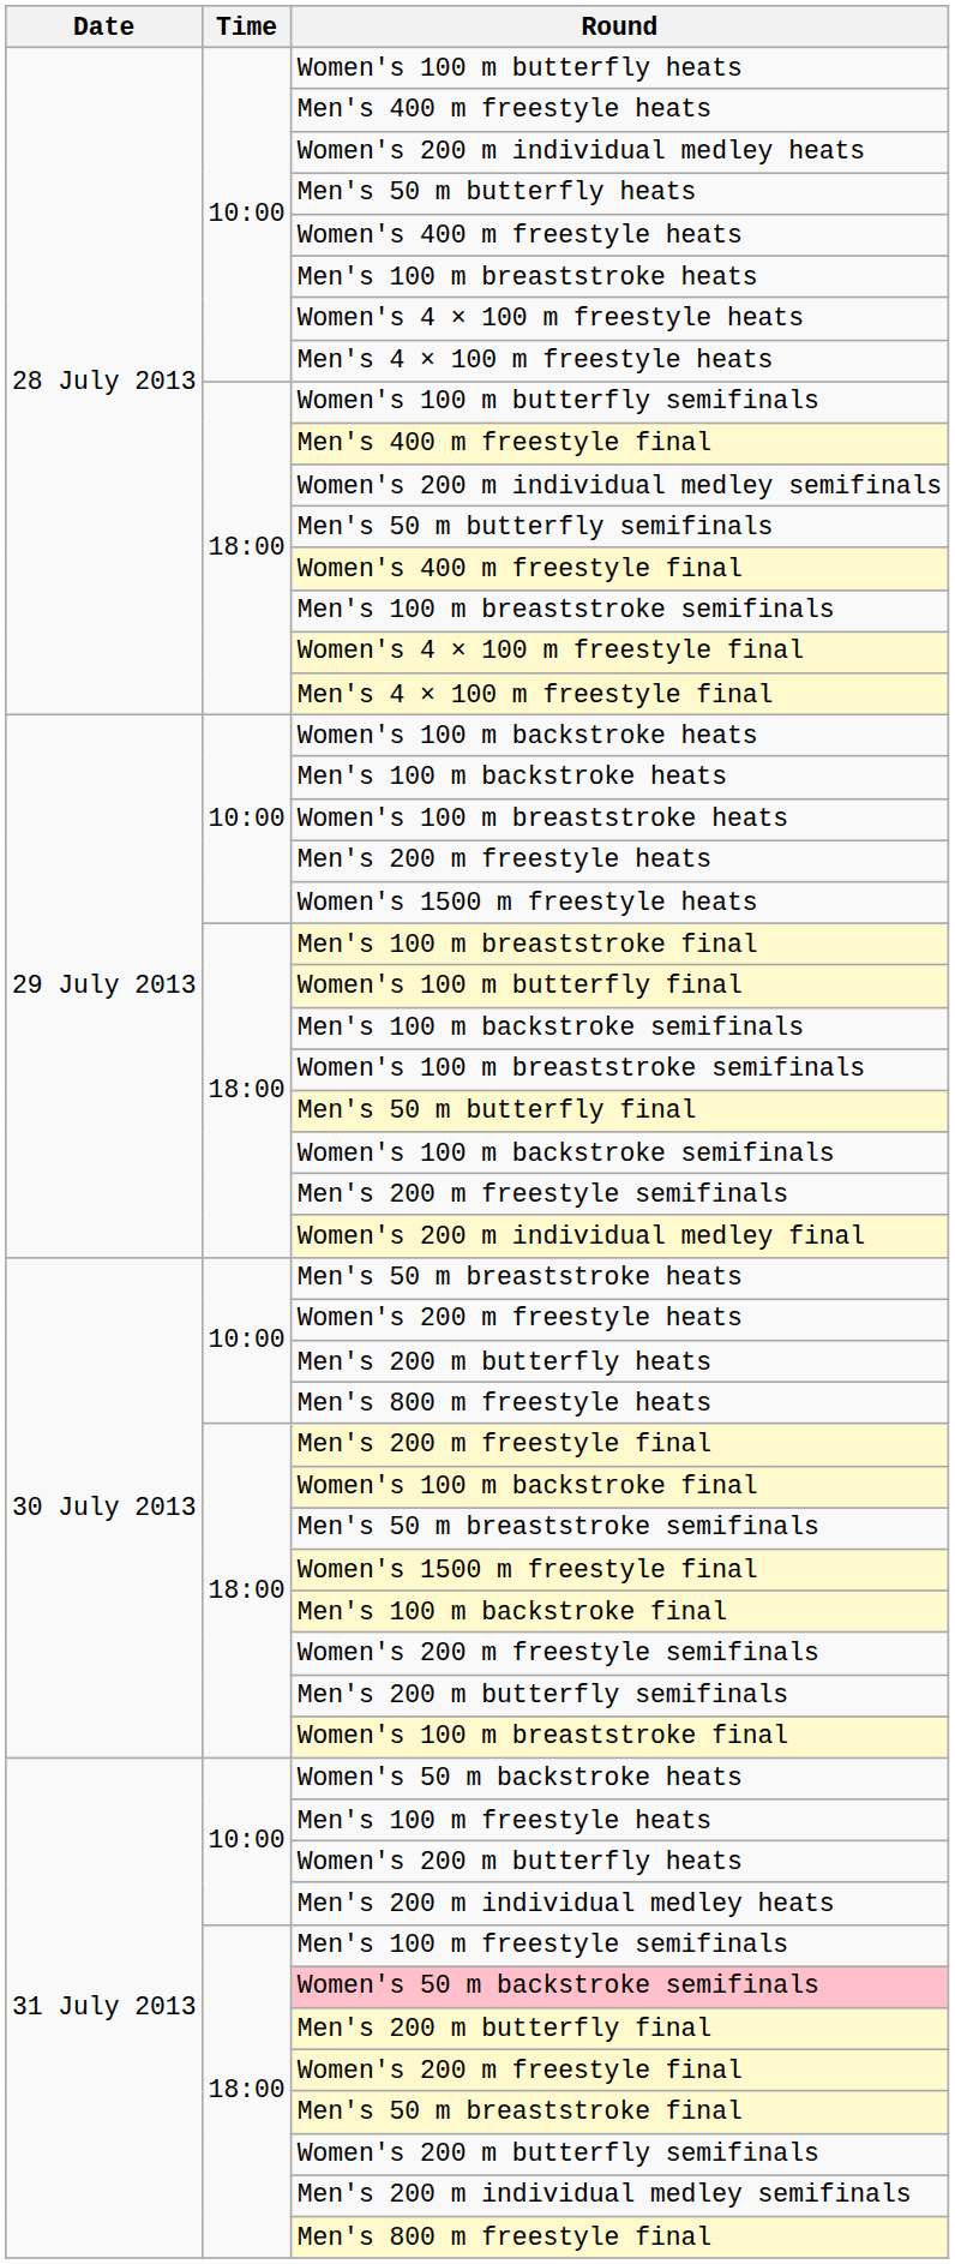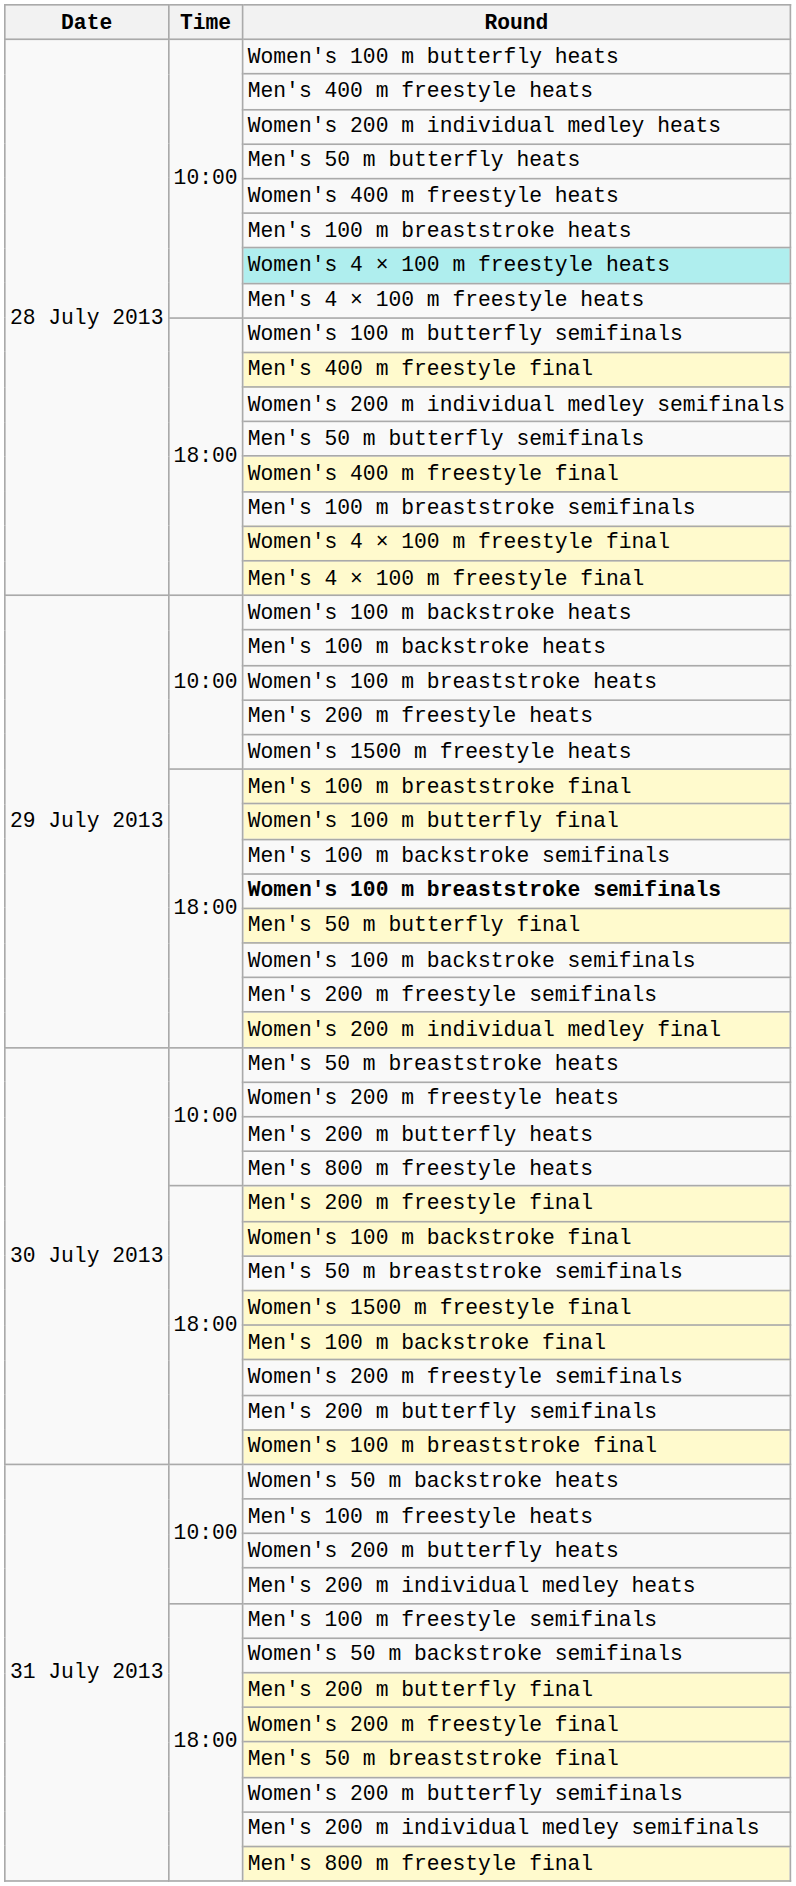 <table class="wikitable">
 <tr>
 <th>Date</th>
 <th>Time</th>
 <th>Round</th>
 </tr>
 <tr>
 <td rowspan=16>28 July 2013</td>
 <td rowspan=8>10:00</td>
 <td>Women's 100 m butterfly heats</td>
 </tr>
 <tr>
 <td>Men's 400 m freestyle heats</td>
 </tr>
 <tr>
 <td>Women's 200 m individual medley heats</td>
 </tr>
 <tr>
 <td>Men's 50 m butterfly heats</td>
 </tr>
 <tr>
 <td>Women's 400 m freestyle heats</td>
 </tr>
 <tr>
 <td>Men's 100 m breaststroke heats</td>
 </tr>
 <tr>
-<td>Women's 4 × 100 m freestyle heats</td>
+<td style="background: paleturquoise;">Women's 4 × 100 m freestyle heats</td>
 </tr>
 <tr>
 <td>Men's 4 × 100 m freestyle heats</td>
 </tr>
 <tr>
 <td rowspan=8>18:00</td>
 <td>Women's 100 m butterfly semifinals</td>
 </tr>
 <tr>
 <td style=background:lemonchiffon>Men's 400 m freestyle final</td>
 </tr>
 <tr>
 <td>Women's 200 m individual medley semifinals</td>
 </tr>
 <tr>
 <td>Men's 50 m butterfly semifinals</td>
 </tr>
 <tr>
 <td style=background:lemonchiffon>Women's 400 m freestyle final</td>
 </tr>
 <tr>
 <td>Men's 100 m breaststroke semifinals</td>
 </tr>
 <tr>
 <td style=background:lemonchiffon>Women's 4 × 100 m freestyle final</td>
 </tr>
 <tr>
 <td style=background:lemonchiffon>Men's 4 × 100 m freestyle final</td>
 </tr>
 <tr>
 <td rowspan=13>29 July 2013</td>
 <td rowspan=5>10:00</td>
 <td>Women's 100 m backstroke heats</td>
 </tr>
 <tr>
 <td>Men's 100 m backstroke heats</td>
 </tr>
 <tr>
 <td>Women's 100 m breaststroke heats</td>
 </tr>
 <tr>
 <td>Men's 200 m freestyle heats</td>
 </tr>
 <tr>
 <td>Women's 1500 m freestyle heats</td>
 </tr>
 <tr>
 <td rowspan=8>18:00</td>
 <td style=background:lemonchiffon>Men's 100 m breaststroke final</td>
 </tr>
 <tr>
 <td style=background:lemonchiffon>Women's 100 m butterfly final</td>
 </tr>
 <tr>
 <td>Men's 100 m backstroke semifinals</td>
 </tr>
 <tr>
-<td>Women's 100 m breaststroke semifinals</td>
+<td><strong>Women's 100 m breaststroke semifinals</strong></td>
 </tr>
 <tr>
 <td style=background:lemonchiffon>Men's 50 m butterfly final</td>
 </tr>
 <tr>
 <td>Women's 100 m backstroke semifinals</td>
 </tr>
 <tr>
 <td>Men's 200 m freestyle semifinals</td>
 </tr>
 <tr>
 <td style=background:lemonchiffon>Women's 200 m individual medley final</td>
 </tr>
 <tr>
 <td rowspan=12>30 July 2013</td>
 <td rowspan=4>10:00</td>
 <td>Men's 50 m breaststroke heats</td>
 </tr>
 <tr>
 <td>Women's 200 m freestyle heats</td>
 </tr>
 <tr>
 <td>Men's 200 m butterfly heats</td>
 </tr>
 <tr>
 <td>Men's 800 m freestyle heats</td>
 </tr>
 <tr>
 <td rowspan=8>18:00</td>
 <td style=background:lemonchiffon>Men's 200 m freestyle final</td>
 </tr>
 <tr>
 <td style=background:lemonchiffon>Women's 100 m backstroke final</td>
 </tr>
 <tr>
 <td>Men's 50 m breaststroke semifinals</td>
 </tr>
 <tr>
 <td style=background:lemonchiffon>Women's 1500 m freestyle final</td>
 </tr>
 <tr>
 <td style=background:lemonchiffon>Men's 100 m backstroke final</td>
 </tr>
 <tr>
 <td>Women's 200 m freestyle semifinals</td>
 </tr>
 <tr>
 <td>Men's 200 m butterfly semifinals</td>
 </tr>
 <tr>
 <td style=background:lemonchiffon>Women's 100 m breaststroke final</td>
 </tr>
 <tr>
 <td rowspan=12>31 July 2013</td>
 <td rowspan=4>10:00</td>
 <td>Women's 50 m backstroke heats</td>
 </tr>
 <tr>
 <td>Men's 100 m freestyle heats</td>
 </tr>
 <tr>
 <td>Women's 200 m butterfly heats</td>
 </tr>
 <tr>
 <td>Men's 200 m individual medley heats</td>
 </tr>
 <tr>
 <td rowspan=8>18:00</td>
 <td>Men's 100 m freestyle semifinals</td>
 </tr>
 <tr>
-<td style="background: pink;">Women's 50 m backstroke semifinals</td>
+<td>Women's 50 m backstroke semifinals</td>
 </tr>
 <tr>
 <td style=background:lemonchiffon>Men's 200 m butterfly final</td>
 </tr>
 <tr>
 <td style=background:lemonchiffon>Women's 200 m freestyle final</td>
 </tr>
 <tr>
 <td style=background:lemonchiffon>Men's 50 m breaststroke final</td>
 </tr>
 <tr>
 <td>Women's 200 m butterfly semifinals</td>
 </tr>
 <tr>
 <td>Men's 200 m individual medley semifinals</td>
 </tr>
 <tr>
 <td style=background:lemonchiffon>Men's 800 m freestyle final</td>
 </tr>
 </table>
